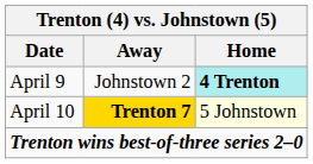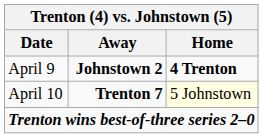 <table class="wikitable">
 <tr>
 <th bgcolor="#DDDDDD" colspan="4">Trenton (4) vs. Johnstown (5)</th>
 </tr>
 <tr>
 <th>Date</th>
 <th>Away</th>
 <th>Home</th>
 </tr>
 <tr>
 <td>April 9</td>
-<td align="right">Johnstown 2</td>
-<td style="background: paleturquoise;"><strong>4 Trenton</strong></td>
+<td align="right"><strong>Johnstown 2</strong></td>
+<td><strong>4 Trenton</strong></td>
 </tr>
 <tr>
 <td>April 10</td>
-<td align="right" style="background: gold;"><strong>Trenton 7</strong></td>
+<td align="right"><strong>Trenton 7</strong></td>
 <td style="background: lightyellow;">5 Johnstown</td>
 </tr>
 <tr align="center">
 <td colspan="4"><strong><em>Trenton wins best-of-three series 2–0</em></strong></td>
 </tr>
 </table>
